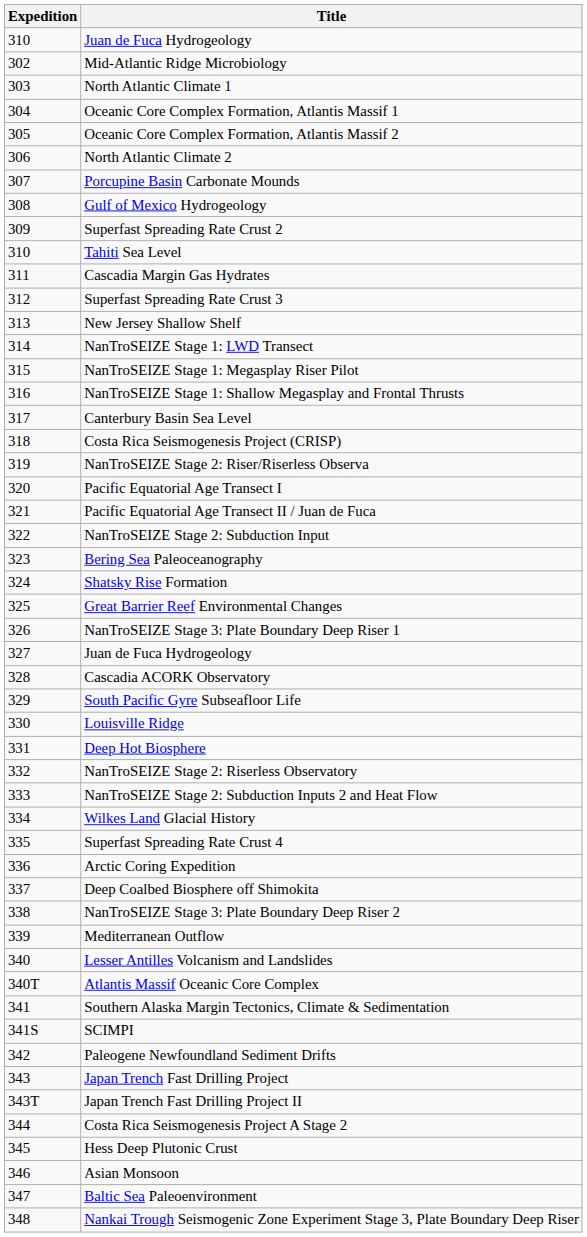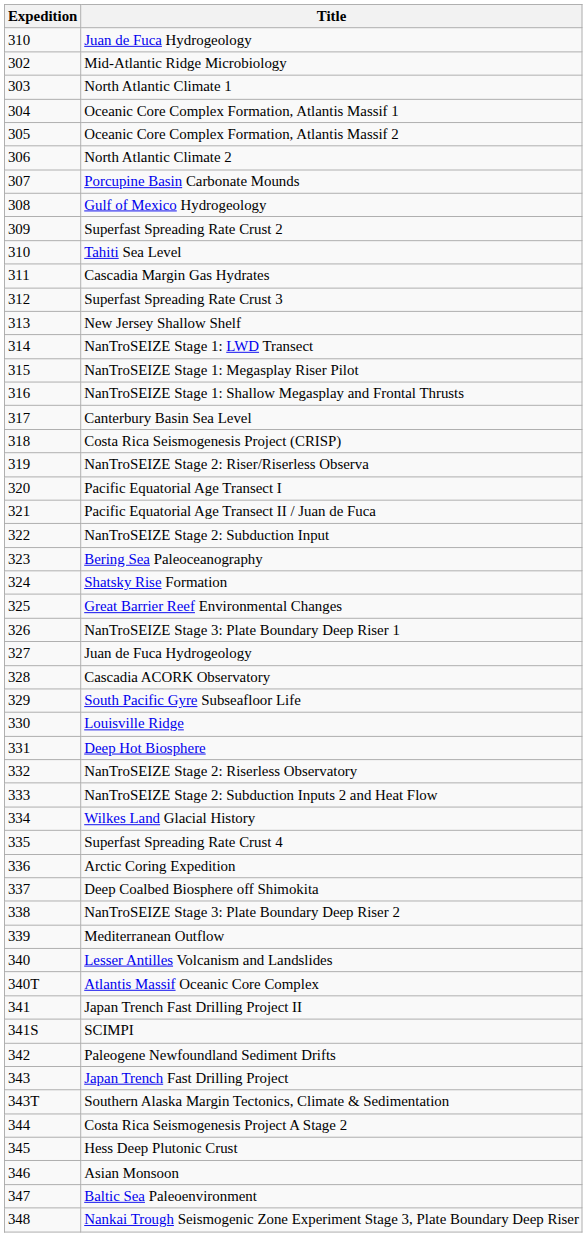 <table class="wikitable">
 <tr>
 <th>Expedition</th>
 <th>Title</th>
 </tr>
 <tr>
 <td>310</td>
 <td><a href='#'>Juan de Fuca</a> Hydrogeology</td>
 </tr>
 <tr>
 <td>302</td>
 <td>Mid-Atlantic Ridge Microbiology</td>
 </tr>
 <tr>
 <td>303</td>
 <td>North Atlantic Climate 1</td>
 </tr>
 <tr>
 <td>304</td>
 <td>Oceanic Core Complex Formation, Atlantis Massif 1</td>
 </tr>
 <tr>
 <td>305</td>
 <td>Oceanic Core Complex Formation, Atlantis Massif 2</td>
 </tr>
 <tr>
 <td>306</td>
 <td>North Atlantic Climate 2</td>
 </tr>
 <tr>
 <td>307</td>
 <td><a href='#'>Porcupine Basin</a> Carbonate Mounds</td>
 </tr>
 <tr>
 <td>308</td>
 <td><a href='#'>Gulf of Mexico</a> Hydrogeology</td>
 </tr>
 <tr>
 <td>309</td>
 <td>Superfast Spreading Rate Crust 2</td>
 </tr>
 <tr>
 <td>310</td>
 <td><a href='#'>Tahiti</a> Sea Level</td>
 </tr>
 <tr>
 <td>311</td>
 <td>Cascadia Margin Gas Hydrates</td>
 </tr>
 <tr>
 <td>312</td>
 <td>Superfast Spreading Rate Crust 3</td>
 </tr>
 <tr>
 <td>313</td>
 <td>New Jersey Shallow Shelf</td>
 </tr>
 <tr>
 <td>314</td>
 <td>NanTroSEIZE Stage 1: <a href='#'>LWD</a> Transect</td>
 </tr>
 <tr>
 <td>315</td>
 <td>NanTroSEIZE Stage 1: Megasplay Riser Pilot</td>
 </tr>
 <tr>
 <td>316</td>
 <td>NanTroSEIZE Stage 1: Shallow Megasplay and Frontal Thrusts</td>
 </tr>
 <tr>
 <td>317</td>
 <td>Canterbury Basin Sea Level</td>
 </tr>
 <tr>
 <td>318</td>
 <td>Costa Rica Seismogenesis Project (CRISP)</td>
 </tr>
 <tr>
 <td>319</td>
 <td>NanTroSEIZE Stage 2: Riser/Riserless Observa</td>
 </tr>
 <tr>
 <td>320</td>
 <td>Pacific Equatorial Age Transect I</td>
 </tr>
 <tr>
 <td>321</td>
 <td>Pacific Equatorial Age Transect II / Juan de Fuca</td>
 </tr>
 <tr>
 <td>322</td>
 <td>NanTroSEIZE Stage 2: Subduction Input</td>
 </tr>
 <tr>
 <td>323</td>
 <td><a href='#'>Bering Sea</a> Paleoceanography</td>
 </tr>
 <tr>
 <td>324</td>
 <td><a href='#'>Shatsky Rise</a> Formation</td>
 </tr>
 <tr>
 <td>325</td>
 <td><a href='#'>Great Barrier Reef</a> Environmental Changes</td>
 </tr>
 <tr>
 <td>326</td>
 <td>NanTroSEIZE Stage 3: Plate Boundary Deep Riser 1</td>
 </tr>
 <tr>
 <td>327</td>
 <td>Juan de Fuca Hydrogeology</td>
 </tr>
 <tr>
 <td>328</td>
 <td>Cascadia ACORK Observatory</td>
 </tr>
 <tr>
 <td>329</td>
 <td><a href='#'>South Pacific Gyre</a> Subseafloor Life</td>
 </tr>
 <tr>
 <td>330</td>
 <td><a href='#'>Louisville Ridge</a></td>
 </tr>
 <tr>
 <td>331</td>
 <td><a href='#'>Deep Hot Biosphere</a></td>
 </tr>
 <tr>
 <td>332</td>
 <td>NanTroSEIZE Stage 2: Riserless Observatory</td>
 </tr>
 <tr>
 <td>333</td>
 <td>NanTroSEIZE Stage 2: Subduction Inputs 2 and Heat Flow</td>
 </tr>
 <tr>
 <td>334</td>
 <td><a href='#'>Wilkes Land</a> Glacial History</td>
 </tr>
 <tr>
 <td>335</td>
 <td>Superfast Spreading Rate Crust 4</td>
 </tr>
 <tr>
 <td>336</td>
 <td>Arctic Coring Expedition</td>
 </tr>
 <tr>
 <td>337</td>
 <td>Deep Coalbed Biosphere off Shimokita</td>
 </tr>
 <tr>
 <td>338</td>
 <td>NanTroSEIZE Stage 3: Plate Boundary Deep Riser 2</td>
 </tr>
 <tr>
 <td>339</td>
 <td>Mediterranean Outflow</td>
 </tr>
 <tr>
 <td>340</td>
 <td><a href='#'>Lesser Antilles</a> Volcanism and Landslides</td>
 </tr>
 <tr>
 <td>340T</td>
 <td><a href='#'>Atlantis Massif</a> Oceanic Core Complex</td>
 </tr>
 <tr>
 <td>341</td>
-<td>Southern Alaska Margin Tectonics, Climate & Sedimentation</td>
+<td>Japan Trench Fast Drilling Project II</td>
 </tr>
 <tr>
 <td>341S</td>
 <td>SCIMPI</td>
 </tr>
 <tr>
 <td>342</td>
 <td>Paleogene Newfoundland Sediment Drifts</td>
 </tr>
 <tr>
 <td>343</td>
 <td><a href='#'>Japan Trench</a> Fast Drilling Project</td>
 </tr>
 <tr>
 <td>343T</td>
-<td>Japan Trench Fast Drilling Project II</td>
+<td>Southern Alaska Margin Tectonics, Climate & Sedimentation</td>
 </tr>
 <tr>
 <td>344</td>
 <td>Costa Rica Seismogenesis Project A Stage 2</td>
 </tr>
 <tr>
 <td>345</td>
 <td>Hess Deep Plutonic Crust</td>
 </tr>
 <tr>
 <td>346</td>
 <td>Asian Monsoon</td>
 </tr>
 <tr>
 <td>347</td>
 <td><a href='#'>Baltic Sea</a> Paleoenvironment</td>
 </tr>
 <tr>
 <td>348</td>
 <td><a href='#'>Nankai Trough</a> Seismogenic Zone Experiment Stage 3, Plate Boundary Deep Riser</td>
 </tr>
 </table>
